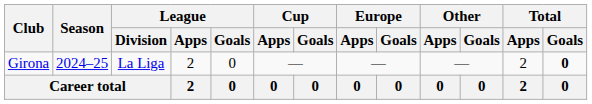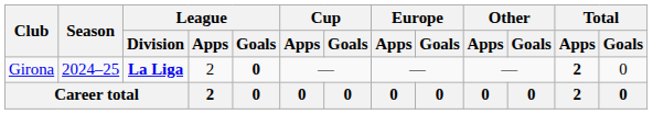 <table class="wikitable" Style="text-align: center">
 <tr>
 <th rowspan="2">Club</th>
 <th rowspan="2">Season</th>
 <th colspan="3">League</th>
 <th colspan="2">Cup</th>
 <th colspan="2">Europe</th>
 <th colspan="2">Other</th>
 <th colspan="2">Total</th>
 </tr>
 <tr>
 <th>Division</th>
 <th>Apps</th>
 <th>Goals</th>
 <th>Apps</th>
 <th>Goals</th>
 <th>Apps</th>
 <th>Goals</th>
 <th>Apps</th>
 <th>Goals</th>
 <th>Apps</th>
 <th>Goals</th>
 </tr>
 <tr>
 <td><a href='#'>Girona</a></td>
 <td><a href='#'>2024–25</a></td>
-<td><a href='#'>La Liga</a></td>
+<td><strong><a href='#'>La Liga</a></strong></td>
 <td>2</td>
-<td>0</td>
+<td><strong>0</strong></td>
 <td colspan="2">—</td>
 <td colspan="2">—</td>
 <td colspan="2">—</td>
-<td>2</td>
-<td><strong>0</strong></td>
+<td><strong>2</strong></td>
+<td>0</td>
 </tr>
 <tr>
 <th colspan="3">Career total</th>
 <th>2</th>
 <th>0</th>
 <th>0</th>
 <th>0</th>
 <th>0</th>
 <th>0</th>
 <th>0</th>
 <th>0</th>
 <th>2</th>
 <th>0</th>
 </tr>
 </table>
